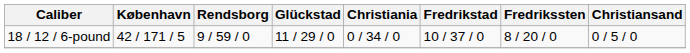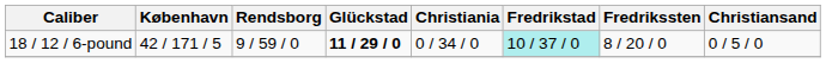 <table class="wikitable">
 <tr>
 <th>Caliber</th>
 <th>København</th>
 <th>Rendsborg</th>
 <th>Glückstad</th>
 <th>Christiania</th>
 <th>Fredrikstad</th>
 <th>Fredrikssten</th>
 <th>Christiansand</th>
 </tr>
 <tr>
 <td>18 / 12 / 6-pound</td>
 <td>42 / 171 / 5</td>
 <td>9 / 59 / 0</td>
-<td>11 / 29 / 0</td>
+<td><strong>11 / 29 / 0</strong></td>
 <td>0 / 34 / 0</td>
-<td>10 / 37 / 0</td>
+<td style="background: paleturquoise;">10 / 37 / 0</td>
 <td>8 / 20 / 0</td>
 <td>0 / 5 / 0</td>
 </tr>
 <tr>
 </tr>
 </table>
